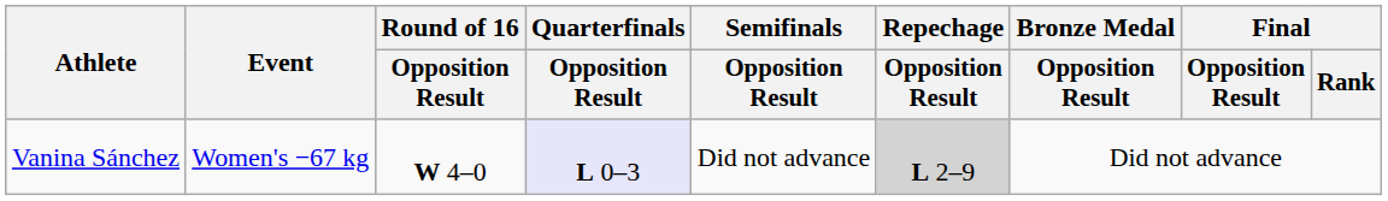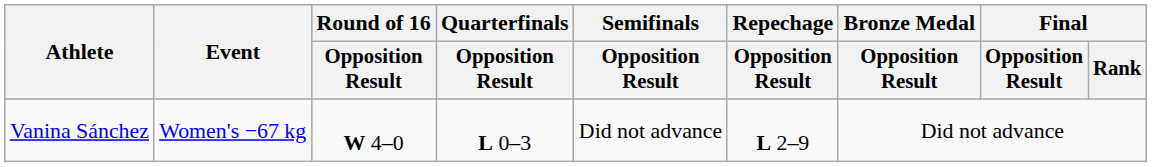 <table class="wikitable" style="font-size:90%">
 <tr>
 <th rowspan="2">Athlete</th>
 <th rowspan="2">Event</th>
 <th>Round of 16</th>
 <th>Quarterfinals</th>
 <th>Semifinals</th>
 <th>Repechage</th>
 <th>Bronze Medal</th>
 <th colspan=2>Final</th>
 </tr>
 <tr style="font-size:95%">
 <th>Opposition<br>Result</th>
 <th>Opposition<br>Result</th>
 <th>Opposition<br>Result</th>
 <th>Opposition<br>Result</th>
 <th>Opposition<br>Result</th>
 <th>Opposition<br>Result</th>
 <th>Rank</th>
 </tr>
 <tr align=center>
 <td align=left><a href='#'>Vanina Sánchez</a></td>
 <td align=left><a href='#'>Women's −67 kg</a></td>
 <td><br><strong>W</strong> 4–0</td>
-<td style="background: lavender;"><br><strong>L</strong> 0–3</td>
+<td><br><strong>L</strong> 0–3</td>
 <td>Did not advance</td>
-<td style="background: lightgrey;"><br><strong>L</strong> 2–9</td>
+<td><br><strong>L</strong> 2–9</td>
 <td colspan=3>Did not advance</td>
 </tr>
 </table>
